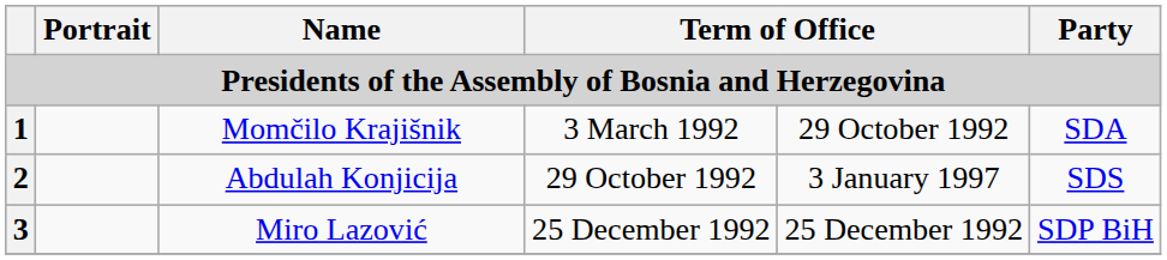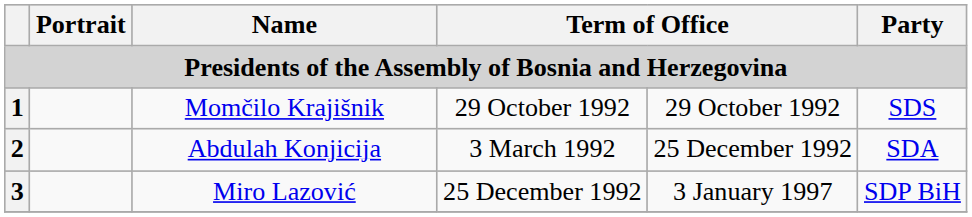 <table class="wikitable" style="text-align:center">
 <tr ->
 <th></th>
 <th>Portrait</th>
 <th width=180>Name<br></th>
 <th colspan=2>Term of Office</th>
 <th>Party</th>
 </tr>
 <tr ->
 <td colspan="6" bgcolor="lightgrey" align=center><strong>Presidents of the Assembly of Bosnia and Herzegovina</strong></td>
 </tr>
 <tr ->
 <th style="background:">1</th>
 <td></td>
 <td><a href='#'>Momčilo Krajišnik</a><br></td>
-<td>3 March 1992</td>
 <td>29 October 1992</td>
-<td><a href='#'>SDA</a></td>
+<td>29 October 1992</td>
+<td><a href='#'>SDS</a></td>
 </tr>
 <tr ->
 <th style="background:">2</th>
 <td></td>
 <td><a href='#'>Abdulah Konjicija</a><br></td>
-<td>29 October 1992</td>
-<td>3 January 1997</td>
-<td><a href='#'>SDS</a></td>
+<td>3 March 1992</td>
+<td>25 December 1992</td>
+<td><a href='#'>SDA</a></td>
 </tr>
 <tr ->
 <th style="background:">3</th>
 <td></td>
 <td><a href='#'>Miro Lazović</a><br></td>
 <td>25 December 1992</td>
-<td>25 December 1992</td>
+<td>3 January 1997</td>
 <td><a href='#'>SDP BiH</a></td>
 </tr>
 <tr ->
 </tr>
 </table>
